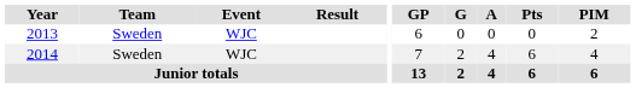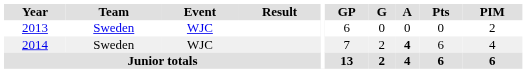 <table border="0" cellpadding="1" cellspacing="0" ID="Table3" style="text-align:center; width:40em">
 <tr ALIGN="center" bgcolor="#e0e0e0">
 <th>Year</th>
 <th>Team</th>
 <th>Event</th>
 <th>Result</th>
 <th rowspan="99" bgcolor="#ffffff"></th>
 <th>GP</th>
 <th>G</th>
 <th>A</th>
 <th>Pts</th>
 <th>PIM</th>
 </tr>
 <tr>
 <td><a href='#'>2013</a></td>
 <td><a href='#'>Sweden</a></td>
 <td><a href='#'>WJC</a></td>
 <td></td>
 <td>6</td>
 <td>0</td>
 <td>0</td>
 <td>0</td>
 <td>2</td>
 </tr>
 <tr bgcolor="#f0f0f0">
 <td><a href='#'>2014</a></td>
 <td>Sweden</td>
 <td>WJC</td>
 <td></td>
 <td>7</td>
 <td>2</td>
-<td>4</td>
+<td><strong>4</strong></td>
 <td>6</td>
 <td>4</td>
 </tr>
 <tr bgcolor="#e0e0e0">
 <th colspan="4">Junior totals</th>
 <th>13</th>
 <th>2</th>
 <th>4</th>
 <th>6</th>
 <th>6</th>
 </tr>
 </table>
